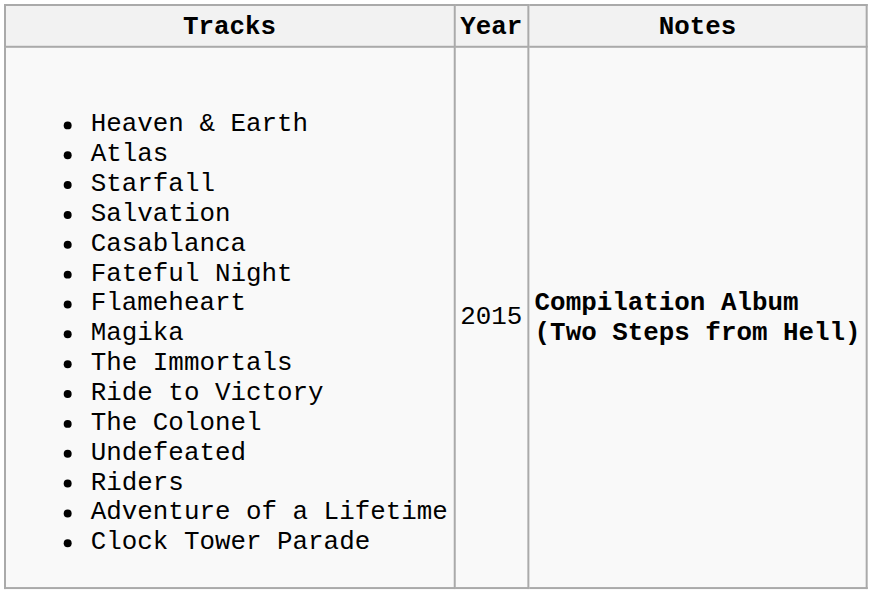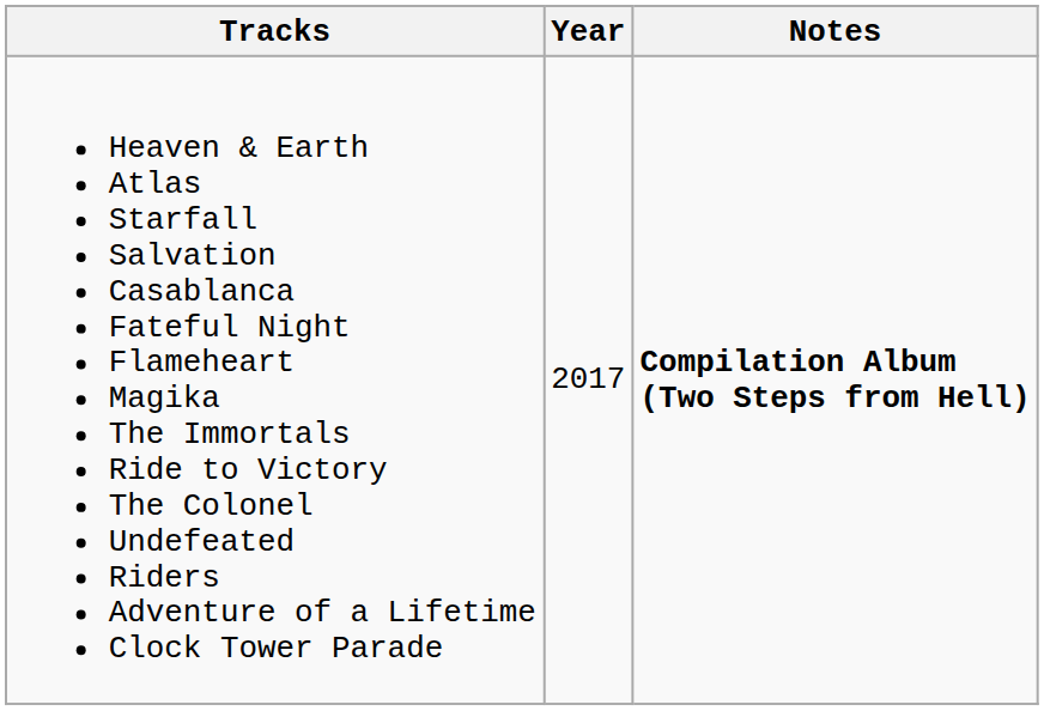 <table class="wikitable sortable">
 <tr>
 <th>Tracks</th>
 <th>Year</th>
 <th>Notes</th>
 </tr>
 <tr>
 <td><br><ul><li>Heaven & Earth</li><li>Atlas</li><li>Starfall</li><li>Salvation</li><li>Casablanca</li><li>Fateful Night</li><li>Flameheart</li><li>Magika</li><li>The Immortals</li><li>Ride to Victory</li><li>The Colonel</li><li>Undefeated</li><li>Riders</li><li>Adventure of a Lifetime</li><li>Clock Tower Parade</li></ul></td>
-<td>2015</td>
+<td>2017</td>
 <td><strong>Compilation Album<br>(Two Steps from Hell)</strong></td>
 </tr>
 </table>
